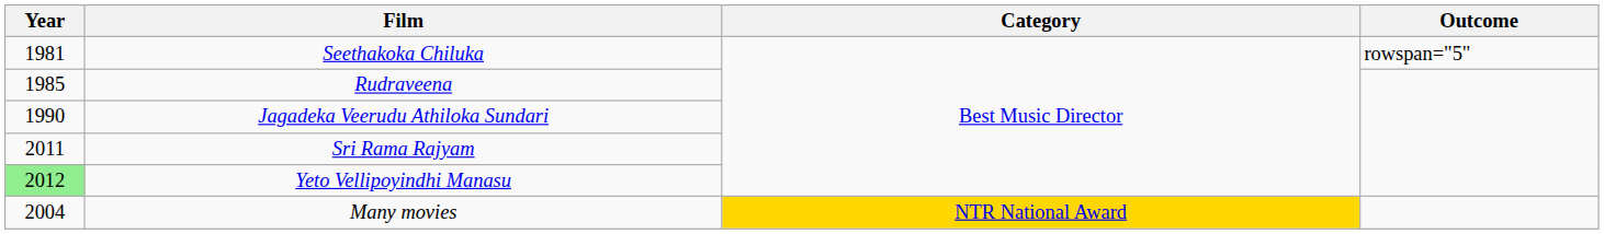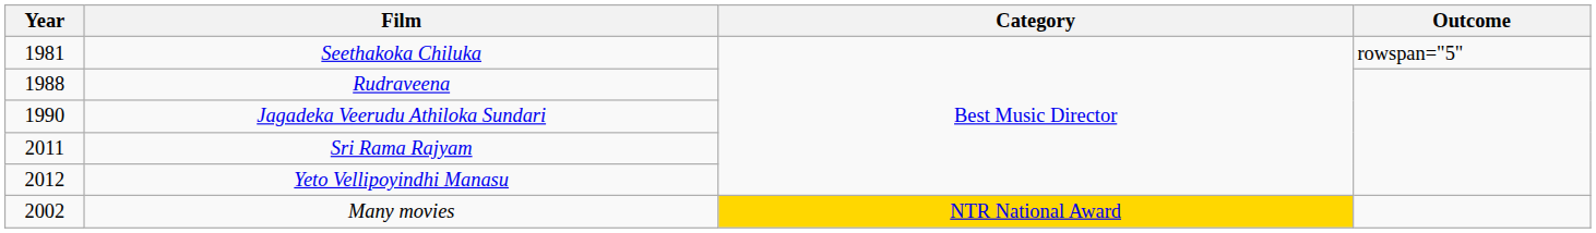 <table class="wikitable" style="width:100%;">
 <tr>
 <th width=5%>Year</th>
 <th style="width:40%;">Film</th>
 <th style="width:40%;">Category</th>
 <th style="width:15%;">Outcome</th>
 </tr>
 <tr>
 <td style="text-align:center;">1981</td>
 <td style="text-align:center;"><em><a href='#'>Seethakoka Chiluka</a></em></td>
 <td rowspan="5" style="text-align:center;"><a href='#'>Best Music Director</a></td>
 <td>rowspan="5" </td>
 </tr>
 <tr>
-<td style="text-align:center;">1985</td>
+<td style="text-align:center;">1988</td>
 <td style="text-align:center;"><em><a href='#'>Rudraveena</a></em></td>
 </tr>
 <tr>
 <td style="text-align:center;">1990</td>
 <td style="text-align:center;"><em><a href='#'>Jagadeka Veerudu Athiloka Sundari</a></em></td>
 </tr>
 <tr>
 <td style="text-align:center;">2011</td>
 <td style="text-align:center;"><em><a href='#'>Sri Rama Rajyam</a></em></td>
 </tr>
 <tr>
-<td style="background: lightgreen; text-align:center;">2012</td>
+<td style="text-align:center;">2012</td>
 <td style="text-align:center;"><em><a href='#'>Yeto Vellipoyindhi Manasu</a></em></td>
 </tr>
 <tr>
-<td style="text-align:center;">2004</td>
+<td style="text-align:center;">2002</td>
 <td style="text-align:center;"><em>Many movies</em></td>
 <td style="background: gold; text-align:center;"><a href='#'>NTR National Award</a></td>
 <td></td>
 </tr>
 </table>
